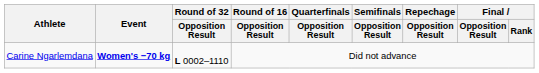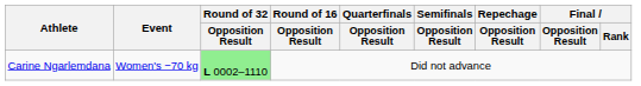 <table class="wikitable" style="font-size:90%">
 <tr>
 <th rowspan=2>Athlete</th>
 <th rowspan=2>Event</th>
 <th>Round of 32</th>
 <th>Round of 16</th>
 <th>Quarterfinals</th>
 <th>Semifinals</th>
 <th>Repechage</th>
 <th colspan=2>Final / </th>
 </tr>
 <tr style="font-size:95%">
 <th>Opposition<br>Result</th>
 <th>Opposition<br>Result</th>
 <th>Opposition<br>Result</th>
 <th>Opposition<br>Result</th>
 <th>Opposition<br>Result</th>
 <th>Opposition<br>Result</th>
 <th>Rank</th>
 </tr>
 <tr align=center>
 <td align=left><a href='#'>Carine Ngarlemdana</a></td>
-<td align=left><strong><a href='#'>Women's −70 kg</a></strong></td>
-<td><br><strong>L</strong> 0002–1110</td>
+<td align=left><a href='#'>Women's −70 kg</a></td>
+<td style="background: lightgreen;"><br><strong>L</strong> 0002–1110</td>
 <td colspan=6>Did not advance</td>
 </tr>
 </table>
